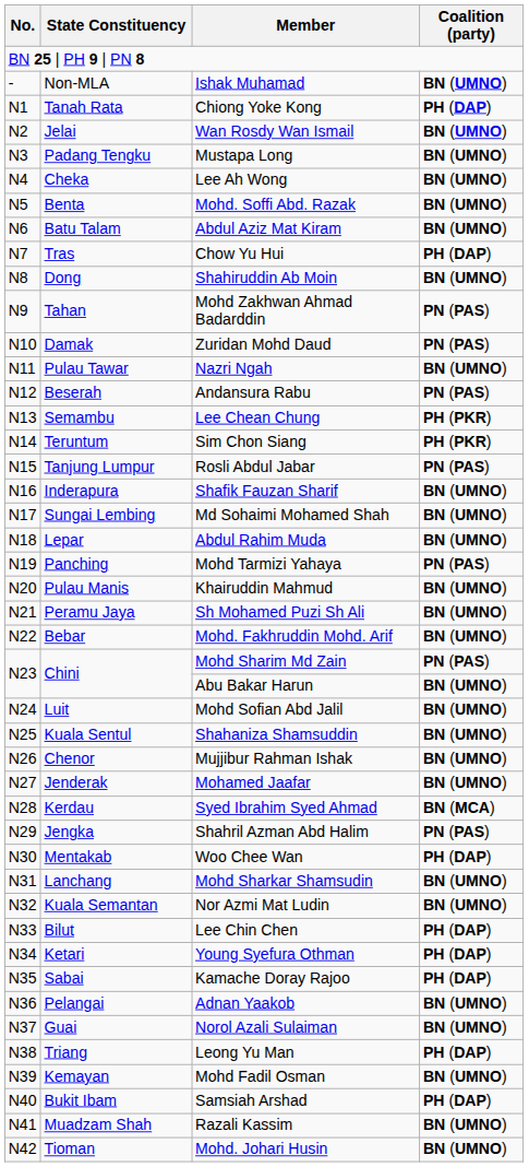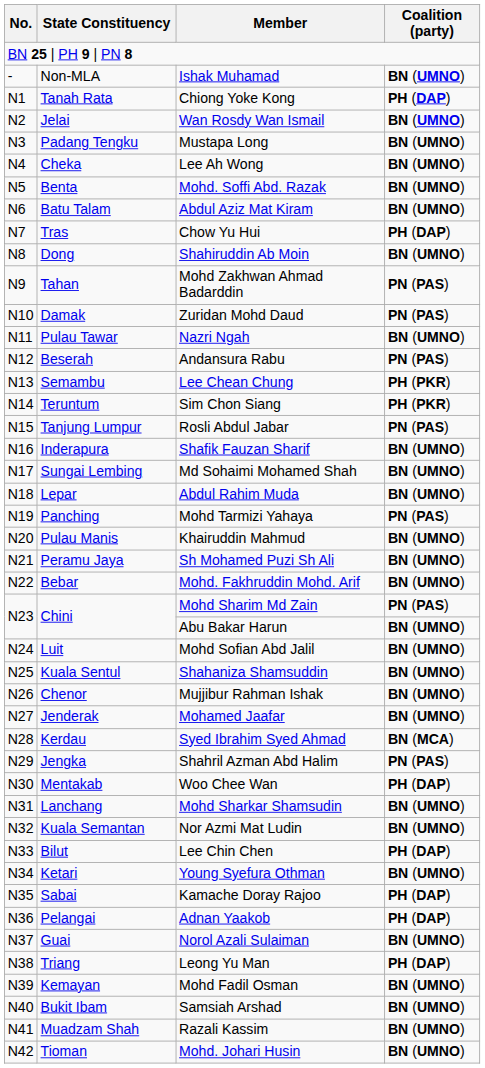 <table class="wikitable sortable">
 <tr>
 <th style="width:30px;">No.</th>
 <th style="width:150px;">State Constituency</th>
 <th style="width:230px;">Member</th>
 <th style="width:100px;">Coalition (party)</th>
 </tr>
 <tr>
 <td colspan="5"><a href='#'>BN</a> <strong>25</strong> | <a href='#'>PH</a> <strong>9</strong> | <a href='#'>PN</a> <strong>8</strong></td>
 </tr>
 <tr>
 <td>-</td>
 <td>Non-MLA</td>
 <td><a href='#'>Ishak Muhamad</a></td>
 <td style="background:"><strong>BN</strong> (<strong><a href='#'>UMNO</a></strong>)</td>
 </tr>
 <tr>
 <td>N1</td>
 <td><a href='#'>Tanah Rata</a></td>
 <td>Chiong Yoke Kong</td>
 <td style="background:"><strong>PH</strong> (<strong><a href='#'>DAP</a></strong>)</td>
 </tr>
 <tr>
 <td>N2</td>
 <td><a href='#'>Jelai</a></td>
 <td><a href='#'>Wan Rosdy Wan Ismail</a></td>
 <td style="background:"><strong>BN</strong> (<strong><a href='#'>UMNO</a></strong>)</td>
 </tr>
 <tr>
 <td>N3</td>
 <td><a href='#'>Padang Tengku</a></td>
 <td>Mustapa Long</td>
 <td style="background:"><strong>BN</strong> (<strong>UMNO</strong>)</td>
 </tr>
 <tr>
 <td>N4</td>
 <td><a href='#'>Cheka</a></td>
 <td>Lee Ah Wong</td>
 <td style="background:"><strong>BN</strong> (<strong>UMNO</strong>)</td>
 </tr>
 <tr>
 <td>N5</td>
 <td><a href='#'>Benta</a></td>
 <td><a href='#'>Mohd. Soffi Abd. Razak</a></td>
 <td style="background:"><strong>BN</strong> (<strong>UMNO</strong>)</td>
 </tr>
 <tr>
 <td>N6</td>
 <td><a href='#'>Batu Talam</a></td>
 <td><a href='#'>Abdul Aziz Mat Kiram</a></td>
 <td style="background:"><strong>BN</strong> (<strong>UMNO</strong>)</td>
 </tr>
 <tr>
 <td>N7</td>
 <td><a href='#'>Tras</a></td>
 <td>Chow Yu Hui</td>
 <td style="background:"><strong>PH</strong> (<strong>DAP</strong>)</td>
 </tr>
 <tr>
 <td>N8</td>
 <td><a href='#'>Dong</a></td>
 <td><a href='#'>Shahiruddin Ab Moin</a></td>
 <td style="background:"><strong>BN</strong> (<strong>UMNO</strong>)</td>
 </tr>
 <tr>
 <td>N9</td>
 <td><a href='#'>Tahan</a></td>
 <td>Mohd Zakhwan Ahmad Badarddin</td>
 <td style="background:"><strong>PN</strong> (<strong>PAS</strong>)</td>
 </tr>
 <tr>
 <td>N10</td>
 <td><a href='#'>Damak</a></td>
 <td>Zuridan Mohd Daud</td>
 <td style="background:"><strong>PN</strong> (<strong>PAS</strong>)</td>
 </tr>
 <tr>
 <td>N11</td>
 <td><a href='#'>Pulau Tawar</a></td>
 <td><a href='#'>Nazri Ngah</a></td>
 <td style="background:"><strong>BN</strong> (<strong>UMNO</strong>)</td>
 </tr>
 <tr>
 <td>N12</td>
 <td><a href='#'>Beserah</a></td>
 <td>Andansura Rabu</td>
 <td style="background:"><strong>PN</strong> (<strong>PAS</strong>)</td>
 </tr>
 <tr>
 <td>N13</td>
 <td><a href='#'>Semambu</a></td>
 <td><a href='#'>Lee Chean Chung</a></td>
 <td style="background:"><strong>PH</strong> (<strong>PKR</strong>)</td>
 </tr>
 <tr>
 <td>N14</td>
 <td><a href='#'>Teruntum</a></td>
 <td>Sim Chon Siang</td>
 <td style="background:"><strong>PH</strong> (<strong>PKR</strong>)</td>
 </tr>
 <tr>
 <td>N15</td>
 <td><a href='#'>Tanjung Lumpur</a></td>
 <td>Rosli Abdul Jabar</td>
 <td style="background:"><strong>PN</strong> (<strong>PAS</strong>)</td>
 </tr>
 <tr>
 <td>N16</td>
 <td><a href='#'>Inderapura</a></td>
 <td><a href='#'>Shafik Fauzan Sharif</a></td>
 <td style="background:"><strong>BN</strong> (<strong>UMNO</strong>)</td>
 </tr>
 <tr>
 <td>N17</td>
 <td><a href='#'>Sungai Lembing</a></td>
 <td>Md Sohaimi Mohamed Shah</td>
 <td style="background:"><strong>BN</strong> (<strong>UMNO</strong>)</td>
 </tr>
 <tr>
 <td>N18</td>
 <td><a href='#'>Lepar</a></td>
 <td><a href='#'>Abdul Rahim Muda</a></td>
 <td style="background:"><strong>BN</strong> (<strong>UMNO</strong>)</td>
 </tr>
 <tr>
 <td>N19</td>
 <td><a href='#'>Panching</a></td>
 <td>Mohd Tarmizi Yahaya</td>
 <td style="background:"><strong>PN</strong> (<strong>PAS</strong>)</td>
 </tr>
 <tr>
 <td>N20</td>
 <td><a href='#'>Pulau Manis</a></td>
 <td>Khairuddin Mahmud</td>
 <td style="background:"><strong>BN</strong> (<strong>UMNO</strong>)</td>
 </tr>
 <tr>
 <td>N21</td>
 <td><a href='#'>Peramu Jaya</a></td>
 <td><a href='#'>Sh Mohamed Puzi Sh Ali</a></td>
 <td style="background:"><strong>BN</strong> (<strong>UMNO</strong>)</td>
 </tr>
 <tr>
 <td>N22</td>
 <td><a href='#'>Bebar</a></td>
 <td><a href='#'>Mohd. Fakhruddin Mohd. Arif</a></td>
 <td style="background:"><strong>BN</strong> (<strong>UMNO</strong>)</td>
 </tr>
 <tr>
 <td rowspan="2">N23</td>
 <td rowspan="2"><a href='#'>Chini</a></td>
 <td><a href='#'>Mohd Sharim Md Zain</a> </td>
 <td style="background:"><strong>PN</strong> (<strong>PAS</strong>)</td>
 </tr>
 <tr>
 <td>Abu Bakar Harun </td>
 <td style="background:"><strong>BN</strong> (<strong>UMNO</strong>)</td>
 </tr>
 <tr>
 <td>N24</td>
 <td><a href='#'>Luit</a></td>
 <td>Mohd Sofian Abd Jalil</td>
 <td style="background:"><strong>BN</strong> (<strong>UMNO</strong>)</td>
 </tr>
 <tr>
 <td>N25</td>
 <td><a href='#'>Kuala Sentul</a></td>
 <td><a href='#'>Shahaniza Shamsuddin</a></td>
 <td style="background:"><strong>BN</strong> (<strong>UMNO</strong>)</td>
 </tr>
 <tr>
 <td>N26</td>
 <td><a href='#'>Chenor</a></td>
 <td>Mujjibur Rahman Ishak</td>
 <td style="background:"><strong>BN</strong> (<strong>UMNO</strong>)</td>
 </tr>
 <tr>
 <td>N27</td>
 <td><a href='#'>Jenderak</a></td>
 <td><a href='#'>Mohamed Jaafar</a></td>
 <td style="background:"><strong>BN</strong> (<strong>UMNO</strong>)</td>
 </tr>
 <tr>
 <td>N28</td>
 <td><a href='#'>Kerdau</a></td>
 <td><a href='#'>Syed Ibrahim Syed Ahmad</a></td>
 <td style="background:"><strong>BN</strong> (<strong>MCA</strong>)</td>
 </tr>
 <tr>
 <td>N29</td>
 <td><a href='#'>Jengka</a></td>
 <td>Shahril Azman Abd Halim</td>
 <td style="background:"><strong>PN</strong> (<strong>PAS</strong>)</td>
 </tr>
 <tr>
 <td>N30</td>
 <td><a href='#'>Mentakab</a></td>
 <td>Woo Chee Wan</td>
 <td style="background:"><strong>PH</strong> (<strong>DAP</strong>)</td>
 </tr>
 <tr>
 <td>N31</td>
 <td><a href='#'>Lanchang</a></td>
 <td><a href='#'>Mohd Sharkar Shamsudin</a></td>
 <td style="background:"><strong>BN</strong> (<strong>UMNO</strong>)</td>
 </tr>
 <tr>
 <td>N32</td>
 <td><a href='#'>Kuala Semantan</a></td>
 <td>Nor Azmi Mat Ludin</td>
 <td style="background:"><strong>BN</strong> (<strong>UMNO</strong>)</td>
 </tr>
 <tr>
 <td>N33</td>
 <td><a href='#'>Bilut</a></td>
 <td>Lee Chin Chen</td>
 <td style="background:"><strong>PH</strong> (<strong>DAP</strong>)</td>
 </tr>
 <tr>
 <td>N34</td>
 <td><a href='#'>Ketari</a></td>
 <td><a href='#'>Young Syefura Othman</a></td>
-<td style="background:"><strong>PH</strong> (<strong>DAP</strong>)</td>
+<td style="background:"><strong>BN</strong> (<strong>UMNO</strong>)</td>
 </tr>
 <tr>
 <td>N35</td>
 <td><a href='#'>Sabai</a></td>
 <td>Kamache Doray Rajoo</td>
 <td style="background:"><strong>PH</strong> (<strong>DAP</strong>)</td>
 </tr>
 <tr>
 <td>N36</td>
 <td><a href='#'>Pelangai</a></td>
 <td><a href='#'>Adnan Yaakob</a></td>
-<td style="background:"><strong>BN</strong> (<strong>UMNO</strong>)</td>
+<td style="background:"><strong>PH</strong> (<strong>DAP</strong>)</td>
 </tr>
 <tr>
 <td>N37</td>
 <td><a href='#'>Guai</a></td>
 <td><a href='#'>Norol Azali Sulaiman</a></td>
 <td style="background:"><strong>BN</strong> (<strong>UMNO</strong>)</td>
 </tr>
 <tr>
 <td>N38</td>
 <td><a href='#'>Triang</a></td>
 <td>Leong Yu Man</td>
 <td style="background:"><strong>PH</strong> (<strong>DAP</strong>)</td>
 </tr>
 <tr>
 <td>N39</td>
 <td><a href='#'>Kemayan</a></td>
 <td>Mohd Fadil Osman</td>
 <td style="background:"><strong>BN</strong> (<strong>UMNO</strong>)</td>
 </tr>
 <tr>
 <td>N40</td>
 <td><a href='#'>Bukit Ibam</a></td>
 <td>Samsiah Arshad</td>
-<td style="background:"><strong>PH</strong> (<strong>DAP</strong>)</td>
+<td style="background:"><strong>BN</strong> (<strong>UMNO</strong>)</td>
 </tr>
 <tr>
 <td>N41</td>
 <td><a href='#'>Muadzam Shah</a></td>
 <td>Razali Kassim</td>
 <td style="background:"><strong>BN</strong> (<strong>UMNO</strong>)</td>
 </tr>
 <tr>
 <td>N42</td>
 <td><a href='#'>Tioman</a></td>
 <td><a href='#'>Mohd. Johari Husin</a></td>
 <td style="background:"><strong>BN</strong> (<strong>UMNO</strong>)</td>
 </tr>
 </table>
